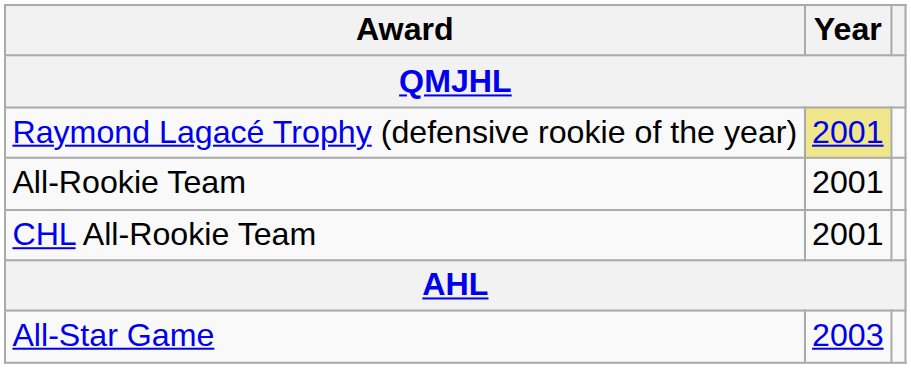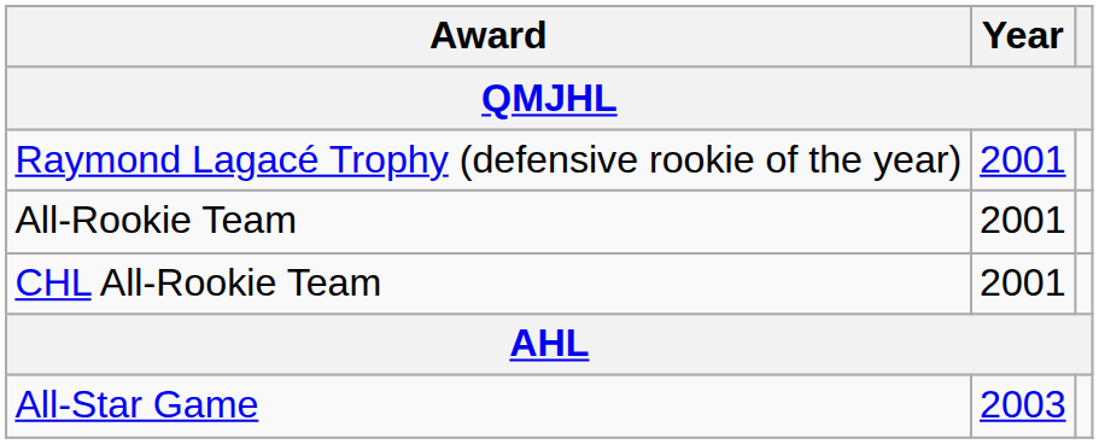 <table class="wikitable">
 <tr>
 <th>Award</th>
 <th>Year</th>
 <th></th>
 </tr>
 <tr ALIGN="center" bgcolor="#e0e0e0">
 <th colspan="3"><a href='#'>QMJHL</a></th>
 </tr>
 <tr>
 <td><a href='#'>Raymond Lagacé Trophy</a> (defensive rookie of the year)</td>
-<td style="background: khaki;"><a href='#'>2001</a></td>
+<td><a href='#'>2001</a></td>
 <td></td>
 </tr>
 <tr>
 <td>All-Rookie Team</td>
 <td>2001</td>
 <td></td>
 </tr>
 <tr>
 <td><a href='#'>CHL</a> All-Rookie Team</td>
 <td>2001</td>
 <td></td>
 </tr>
 <tr ALIGN="center" bgcolor="#e0e0e0">
 <th colspan="3"><a href='#'>AHL</a></th>
 </tr>
 <tr>
 <td><a href='#'>All-Star Game</a></td>
 <td><a href='#'>2003</a></td>
 <td></td>
 </tr>
 </table>
